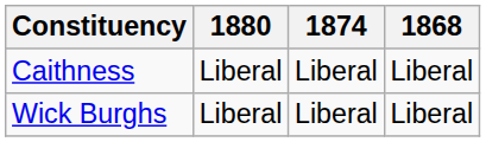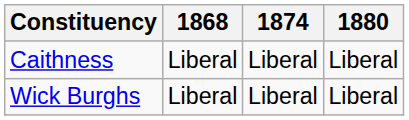 <table class="wikitable">
 <tr>
 <th>Constituency</th>
+<th>1868</th>
+<th>1874</th>
 <th>1880</th>
-<th>1874</th>
-<th>1868</th>
 </tr>
 <tr>
 <td><a href='#'>Caithness</a></td>
 <td>Liberal</td>
 <td>Liberal</td>
 <td>Liberal</td>
 </tr>
 <tr>
 <td><a href='#'>Wick Burghs</a></td>
 <td>Liberal</td>
 <td>Liberal</td>
 <td>Liberal</td>
 </tr>
 </table>
